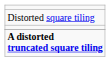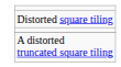 <table class=wikitable align=right>
 <tr>
 <td></td>
 </tr>
 <tr>
 <td>Distorted <a href='#'>square tiling</a></td>
 </tr>
 <tr>
 <td></td>
 </tr>
 <tr>
 </tr>
 <tr>
-<td><strong>A distorted<br><a href='#'>truncated square tiling</a></strong></td>
+<td>A distorted<br><a href='#'>truncated square tiling</a></td>
 </tr>
 </table>
